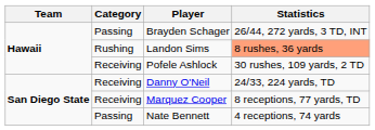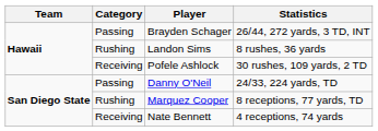 <table class="wikitable" style="float: right;">
 <tr>
 <th>Team</th>
 <th>Category</th>
 <th>Player</th>
 <th>Statistics</th>
 </tr>
 <tr>
 <td rowspan=3><strong>Hawaii</strong></td>
 <td>Passing</td>
 <td>Brayden Schager</td>
 <td>26/44, 272 yards, 3 TD, INT</td>
 </tr>
 <tr>
 <td>Rushing</td>
 <td>Landon Sims</td>
-<td style="background: lightsalmon;">8 rushes, 36 yards</td>
+<td>8 rushes, 36 yards</td>
 </tr>
 <tr>
 <td>Receiving</td>
 <td>Pofele Ashlock</td>
 <td>30 rushes, 109 yards, 2 TD</td>
 </tr>
 <tr>
 <td rowspan=3><strong>San Diego State</strong></td>
-<td>Receiving</td>
+<td>Passing</td>
 <td><a href='#'>Danny O'Neil</a></td>
 <td>24/33, 224 yards, TD</td>
 </tr>
 <tr>
-<td>Receiving</td>
+<td>Rushing</td>
 <td><a href='#'>Marquez Cooper</a></td>
 <td>8 receptions, 77 yards, TD</td>
 </tr>
 <tr>
-<td>Passing</td>
+<td>Receiving</td>
 <td>Nate Bennett</td>
 <td>4 receptions, 74 yards</td>
 </tr>
 </table>
